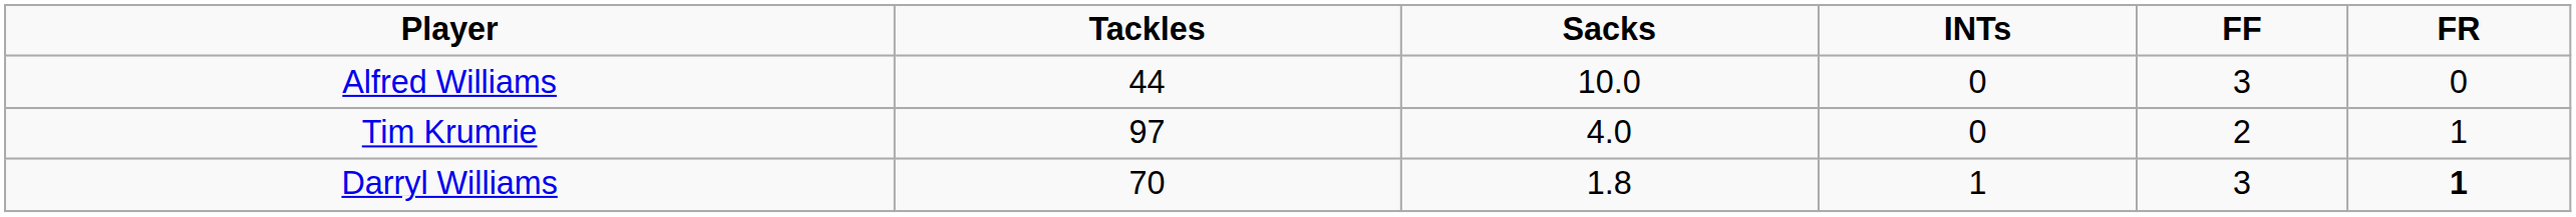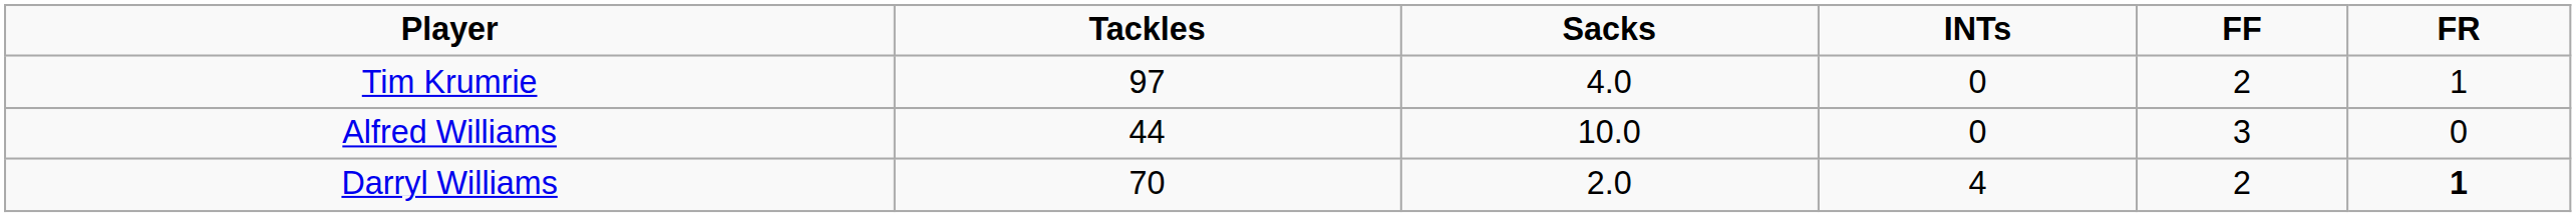 <table class="wikitable" width="80%">
 <tr align="center">
 <td><strong>Player</strong></td>
 <td><strong>Tackles</strong></td>
 <td><strong>Sacks</strong></td>
 <td><strong>INTs</strong></td>
 <td><strong>FF</strong></td>
 <td><strong>FR</strong></td>
 </tr>
 <tr align="center" bgcolor="">
+<td><a href='#'>Tim Krumrie</a></td>
+<td>97</td>
+<td>4.0</td>
+<td>0</td>
+<td>2</td>
+<td>1</td>
+</tr>
+<tr align="center" bgcolor="">
 <td><a href='#'>Alfred Williams</a></td>
 <td>44</td>
 <td>10.0</td>
 <td>0</td>
 <td>3</td>
 <td>0</td>
 </tr>
 <tr align="center" bgcolor="">
-<td><a href='#'>Tim Krumrie</a></td>
-<td>97</td>
-<td>4.0</td>
-<td>0</td>
-<td>2</td>
-<td>1</td>
-</tr>
-<tr align="center" bgcolor="">
 <td><a href='#'>Darryl Williams</a></td>
 <td>70</td>
-<td>1.8</td>
-<td>1</td>
-<td>3</td>
+<td>2.0</td>
+<td>4</td>
+<td>2</td>
 <td><strong>1</strong></td>
 </tr>
 </table>
